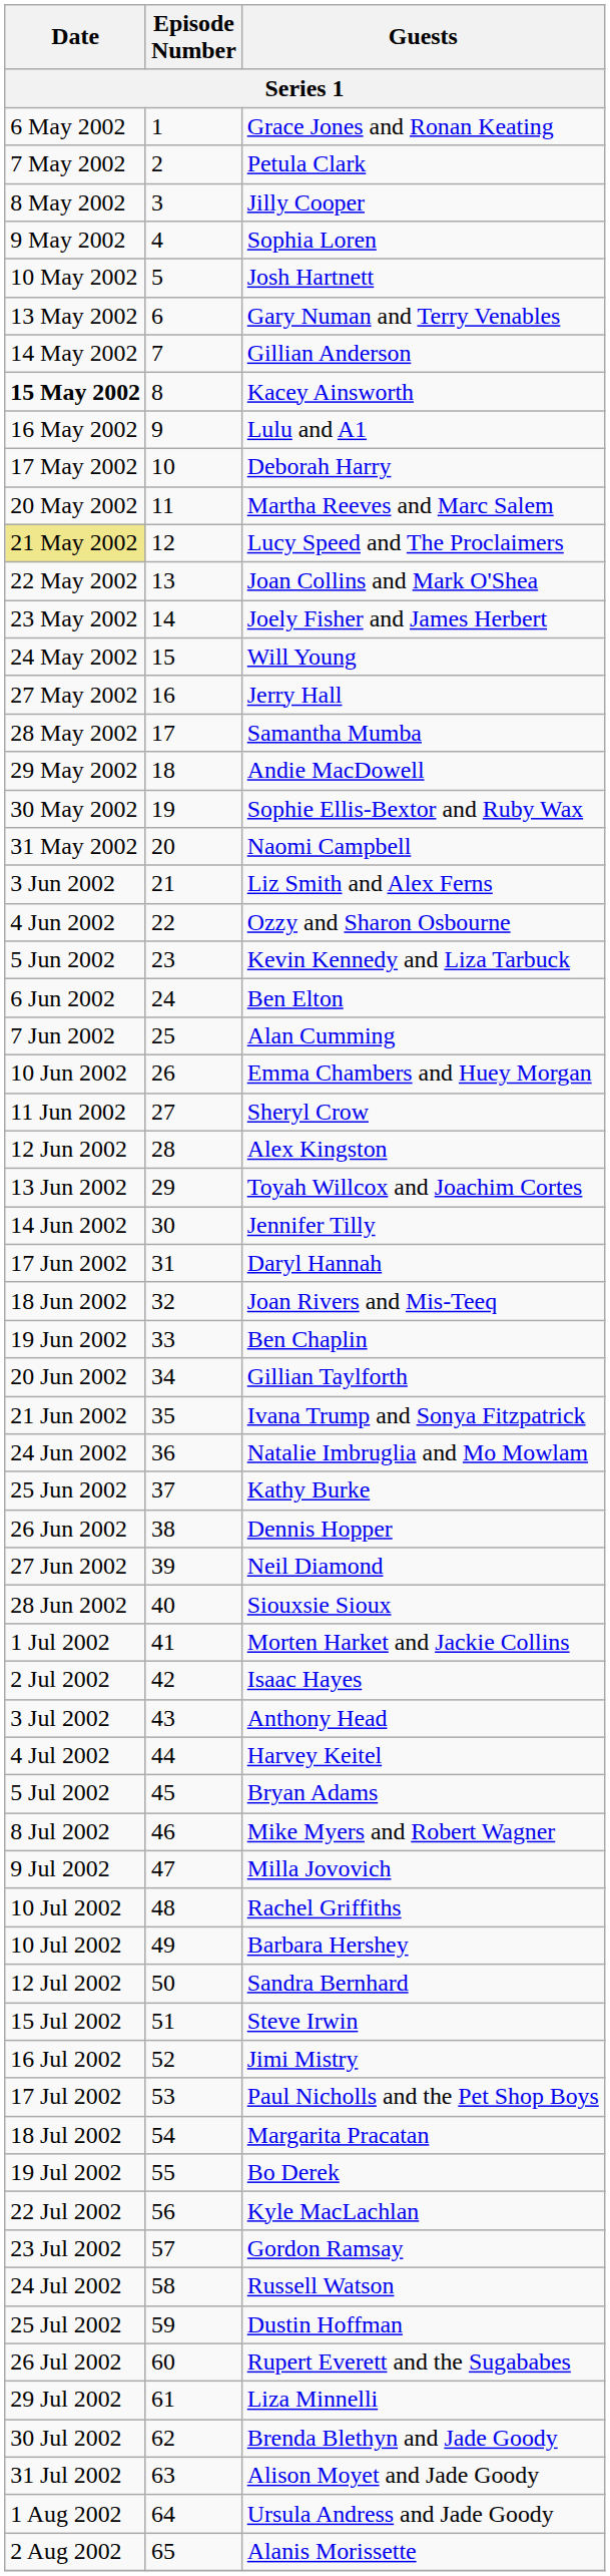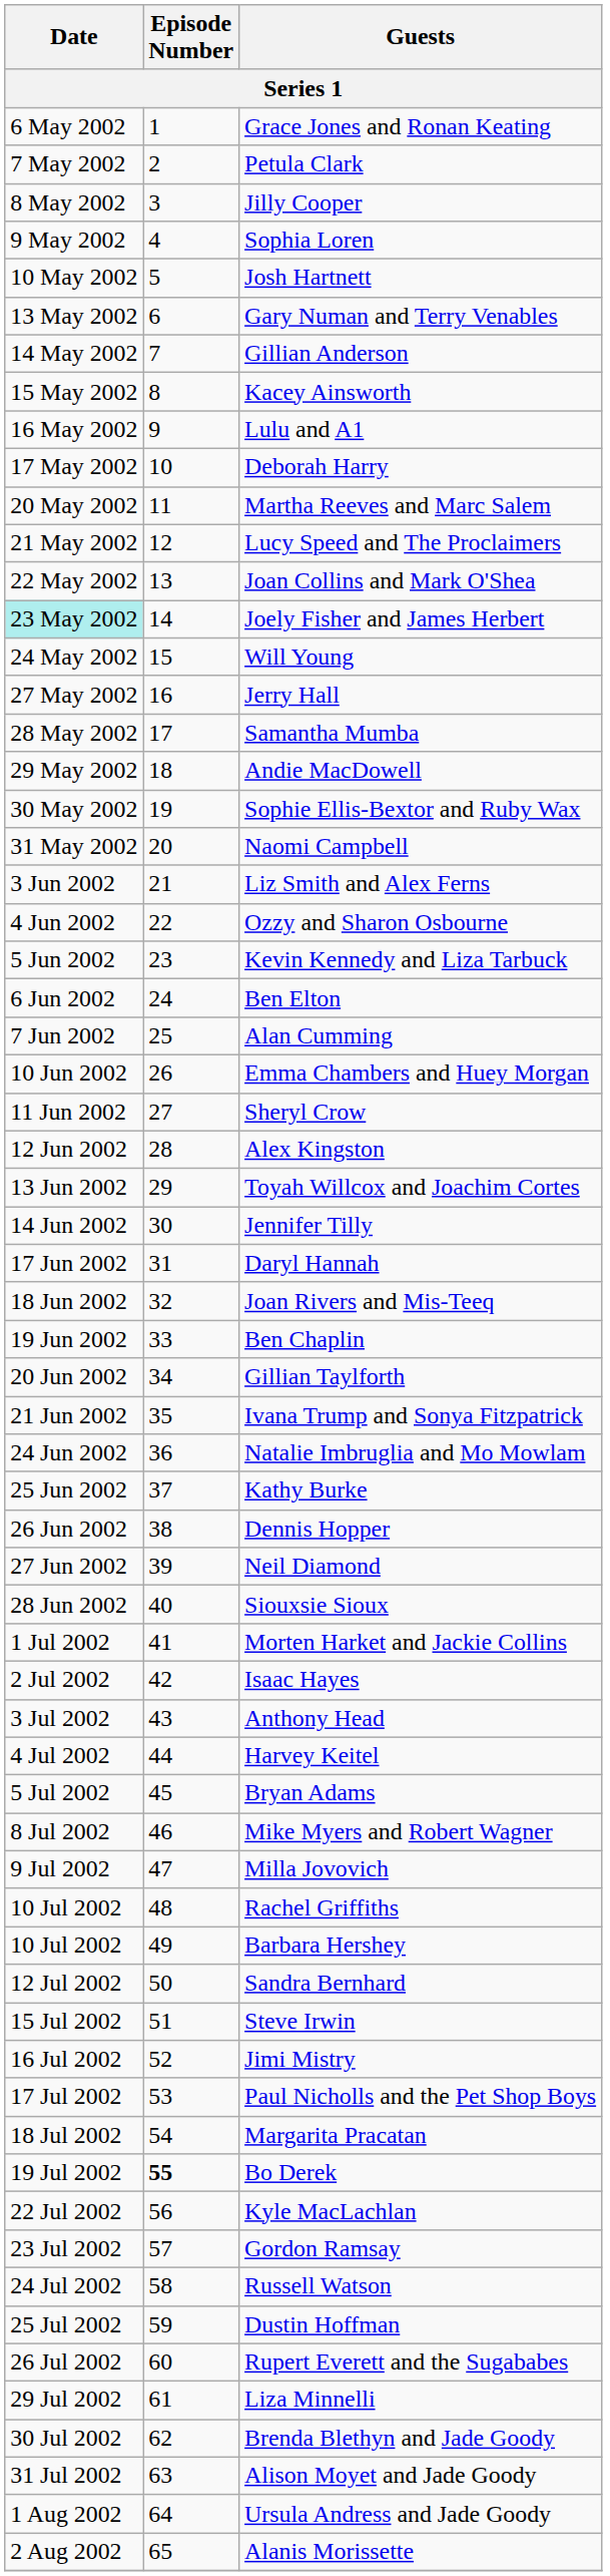 <table class="wikitable">
 <tr>
 <th>Date</th>
 <th>Episode<br>Number</th>
 <th>Guests</th>
 </tr>
 <tr>
 <th colspan="3">Series 1</th>
 </tr>
 <tr>
 <td>6 May 2002</td>
 <td>1</td>
 <td><a href='#'>Grace Jones</a> and <a href='#'>Ronan Keating</a></td>
 </tr>
 <tr>
 <td>7 May 2002</td>
 <td>2</td>
 <td><a href='#'>Petula Clark</a></td>
 </tr>
 <tr>
 <td>8 May 2002</td>
 <td>3</td>
 <td><a href='#'>Jilly Cooper</a></td>
 </tr>
 <tr>
 <td>9 May 2002</td>
 <td>4</td>
 <td><a href='#'>Sophia Loren</a></td>
 </tr>
 <tr>
 <td>10 May 2002</td>
 <td>5</td>
 <td><a href='#'>Josh Hartnett</a></td>
 </tr>
 <tr>
 <td>13 May 2002</td>
 <td>6</td>
 <td><a href='#'>Gary Numan</a> and <a href='#'>Terry Venables</a></td>
 </tr>
 <tr>
 <td>14 May 2002</td>
 <td>7</td>
 <td><a href='#'>Gillian Anderson</a></td>
 </tr>
 <tr>
-<td><strong>15 May 2002</strong></td>
+<td>15 May 2002</td>
 <td>8</td>
 <td><a href='#'>Kacey Ainsworth</a></td>
 </tr>
 <tr>
 <td>16 May 2002</td>
 <td>9</td>
 <td><a href='#'>Lulu</a> and <a href='#'>A1</a></td>
 </tr>
 <tr>
 <td>17 May 2002</td>
 <td>10</td>
 <td><a href='#'>Deborah Harry</a></td>
 </tr>
 <tr>
 <td>20 May 2002</td>
 <td>11</td>
 <td><a href='#'>Martha Reeves</a> and <a href='#'>Marc Salem</a></td>
 </tr>
 <tr>
-<td style="background: khaki;">21 May 2002</td>
+<td>21 May 2002</td>
 <td>12</td>
 <td><a href='#'>Lucy Speed</a> and <a href='#'>The Proclaimers</a></td>
 </tr>
 <tr>
 <td>22 May 2002</td>
 <td>13</td>
 <td><a href='#'>Joan Collins</a> and <a href='#'>Mark O'Shea</a></td>
 </tr>
 <tr>
-<td>23 May 2002</td>
+<td style="background: paleturquoise;">23 May 2002</td>
 <td>14</td>
 <td><a href='#'>Joely Fisher</a> and <a href='#'>James Herbert</a></td>
 </tr>
 <tr>
 <td>24 May 2002</td>
 <td>15</td>
 <td><a href='#'>Will Young</a></td>
 </tr>
 <tr>
 <td>27 May 2002</td>
 <td>16</td>
 <td><a href='#'>Jerry Hall</a></td>
 </tr>
 <tr>
 <td>28 May 2002</td>
 <td>17</td>
 <td><a href='#'>Samantha Mumba</a></td>
 </tr>
 <tr>
 <td>29 May 2002</td>
 <td>18</td>
 <td><a href='#'>Andie MacDowell</a></td>
 </tr>
 <tr>
 <td>30 May 2002</td>
 <td>19</td>
 <td><a href='#'>Sophie Ellis-Bextor</a> and <a href='#'>Ruby Wax</a></td>
 </tr>
 <tr>
 <td>31 May 2002</td>
 <td>20</td>
 <td><a href='#'>Naomi Campbell</a></td>
 </tr>
 <tr>
 <td>3 Jun 2002</td>
 <td>21</td>
 <td><a href='#'>Liz Smith</a> and <a href='#'>Alex Ferns</a></td>
 </tr>
 <tr>
 <td>4 Jun 2002</td>
 <td>22</td>
 <td><a href='#'>Ozzy</a> and <a href='#'>Sharon Osbourne</a></td>
 </tr>
 <tr>
 <td>5 Jun 2002</td>
 <td>23</td>
 <td><a href='#'>Kevin Kennedy</a> and <a href='#'>Liza Tarbuck</a></td>
 </tr>
 <tr>
 <td>6 Jun 2002</td>
 <td>24</td>
 <td><a href='#'>Ben Elton</a></td>
 </tr>
 <tr>
 <td>7 Jun 2002</td>
 <td>25</td>
 <td><a href='#'>Alan Cumming</a></td>
 </tr>
 <tr>
 <td>10 Jun 2002</td>
 <td>26</td>
 <td><a href='#'>Emma Chambers</a> and <a href='#'>Huey Morgan</a></td>
 </tr>
 <tr>
 <td>11 Jun 2002</td>
 <td>27</td>
 <td><a href='#'>Sheryl Crow</a></td>
 </tr>
 <tr>
 <td>12 Jun 2002</td>
 <td>28</td>
 <td><a href='#'>Alex Kingston</a></td>
 </tr>
 <tr>
 <td>13 Jun 2002</td>
 <td>29</td>
 <td><a href='#'>Toyah Willcox</a> and <a href='#'>Joachim Cortes</a></td>
 </tr>
 <tr>
 <td>14 Jun 2002</td>
 <td>30</td>
 <td><a href='#'>Jennifer Tilly</a></td>
 </tr>
 <tr>
 <td>17 Jun 2002</td>
 <td>31</td>
 <td><a href='#'>Daryl Hannah</a></td>
 </tr>
 <tr>
 <td>18 Jun 2002</td>
 <td>32</td>
 <td><a href='#'>Joan Rivers</a> and <a href='#'>Mis-Teeq</a></td>
 </tr>
 <tr>
 <td>19 Jun 2002</td>
 <td>33</td>
 <td><a href='#'>Ben Chaplin</a></td>
 </tr>
 <tr>
 <td>20 Jun 2002</td>
 <td>34</td>
 <td><a href='#'>Gillian Taylforth</a></td>
 </tr>
 <tr>
 <td>21 Jun 2002</td>
 <td>35</td>
 <td><a href='#'>Ivana Trump</a> and <a href='#'>Sonya Fitzpatrick</a></td>
 </tr>
 <tr>
 <td>24 Jun 2002</td>
 <td>36</td>
 <td><a href='#'>Natalie Imbruglia</a> and <a href='#'>Mo Mowlam</a></td>
 </tr>
 <tr>
 <td>25 Jun 2002</td>
 <td>37</td>
 <td><a href='#'>Kathy Burke</a></td>
 </tr>
 <tr>
 <td>26 Jun 2002</td>
 <td>38</td>
 <td><a href='#'>Dennis Hopper</a></td>
 </tr>
 <tr>
 <td>27 Jun 2002</td>
 <td>39</td>
 <td><a href='#'>Neil Diamond</a></td>
 </tr>
 <tr>
 <td>28 Jun 2002</td>
 <td>40</td>
 <td><a href='#'>Siouxsie Sioux</a></td>
 </tr>
 <tr>
 <td>1 Jul 2002</td>
 <td>41</td>
 <td><a href='#'>Morten Harket</a> and <a href='#'>Jackie Collins</a></td>
 </tr>
 <tr>
 <td>2 Jul 2002</td>
 <td>42</td>
 <td><a href='#'>Isaac Hayes</a></td>
 </tr>
 <tr>
 <td>3 Jul 2002</td>
 <td>43</td>
 <td><a href='#'>Anthony Head</a></td>
 </tr>
 <tr>
 <td>4 Jul 2002</td>
 <td>44</td>
 <td><a href='#'>Harvey Keitel</a></td>
 </tr>
 <tr>
 <td>5 Jul 2002</td>
 <td>45</td>
 <td><a href='#'>Bryan Adams</a></td>
 </tr>
 <tr>
 <td>8 Jul 2002</td>
 <td>46</td>
 <td><a href='#'>Mike Myers</a> and <a href='#'>Robert Wagner</a></td>
 </tr>
 <tr>
 <td>9 Jul 2002</td>
 <td>47</td>
 <td><a href='#'>Milla Jovovich</a></td>
 </tr>
 <tr>
 <td>10 Jul 2002</td>
 <td>48</td>
 <td><a href='#'>Rachel Griffiths</a></td>
 </tr>
 <tr>
 <td>10 Jul 2002</td>
 <td>49</td>
 <td><a href='#'>Barbara Hershey</a></td>
 </tr>
 <tr>
 <td>12 Jul 2002</td>
 <td>50</td>
 <td><a href='#'>Sandra Bernhard</a></td>
 </tr>
 <tr>
 <td>15 Jul 2002</td>
 <td>51</td>
 <td><a href='#'>Steve Irwin</a></td>
 </tr>
 <tr>
 <td>16 Jul 2002</td>
 <td>52</td>
 <td><a href='#'>Jimi Mistry</a></td>
 </tr>
 <tr>
 <td>17 Jul 2002</td>
 <td>53</td>
 <td><a href='#'>Paul Nicholls</a> and the <a href='#'>Pet Shop Boys</a></td>
 </tr>
 <tr>
 <td>18 Jul 2002</td>
 <td>54</td>
 <td><a href='#'>Margarita Pracatan</a></td>
 </tr>
 <tr>
 <td>19 Jul 2002</td>
-<td>55</td>
+<td><strong>55</strong></td>
 <td><a href='#'>Bo Derek</a></td>
 </tr>
 <tr>
 <td>22 Jul 2002</td>
 <td>56</td>
 <td><a href='#'>Kyle MacLachlan</a></td>
 </tr>
 <tr>
 <td>23 Jul 2002</td>
 <td>57</td>
 <td><a href='#'>Gordon Ramsay</a></td>
 </tr>
 <tr>
 <td>24 Jul 2002</td>
 <td>58</td>
 <td><a href='#'>Russell Watson</a></td>
 </tr>
 <tr>
 <td>25 Jul 2002</td>
 <td>59</td>
 <td><a href='#'>Dustin Hoffman</a></td>
 </tr>
 <tr>
 <td>26 Jul 2002</td>
 <td>60</td>
 <td><a href='#'>Rupert Everett</a> and the <a href='#'>Sugababes</a></td>
 </tr>
 <tr>
 <td>29 Jul 2002</td>
 <td>61</td>
 <td><a href='#'>Liza Minnelli</a></td>
 </tr>
 <tr>
 <td>30 Jul 2002</td>
 <td>62</td>
 <td><a href='#'>Brenda Blethyn</a> and <a href='#'>Jade Goody</a></td>
 </tr>
 <tr>
 <td>31 Jul 2002</td>
 <td>63</td>
 <td><a href='#'>Alison Moyet</a> and Jade Goody</td>
 </tr>
 <tr>
 <td>1 Aug 2002</td>
 <td>64</td>
 <td><a href='#'>Ursula Andress</a> and Jade Goody</td>
 </tr>
 <tr>
 <td>2 Aug 2002</td>
 <td>65</td>
 <td><a href='#'>Alanis Morissette</a></td>
 </tr>
 <tr>
 </tr>
 </table>
